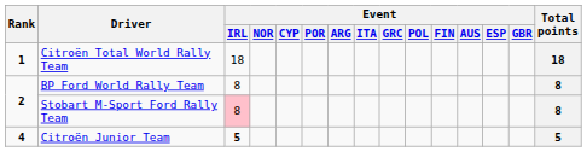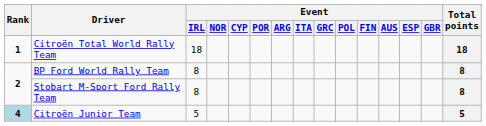 <table class="wikitable" style="text-align:center; font-size:90%;">
 <tr>
 <th rowspan=2>Rank</th>
 <th rowspan=2 style="width:16em">Driver</th>
 <th colspan=12>Event</th>
 <th rowspan=2>Total<br>points</th>
 </tr>
 <tr valign="top">
 <th><a href='#'>IRL</a><br></th>
 <th><a href='#'>NOR</a><br></th>
 <th><a href='#'>CYP</a><br></th>
 <th><a href='#'>POR</a><br></th>
 <th><a href='#'>ARG</a><br></th>
 <th><a href='#'>ITA</a><br></th>
 <th><a href='#'>GRC</a><br></th>
 <th><a href='#'>POL</a><br></th>
 <th><a href='#'>FIN</a><br></th>
 <th><a href='#'>AUS</a><br></th>
 <th><a href='#'>ESP</a><br></th>
 <th><a href='#'>GBR</a><br></th>
 </tr>
 <tr>
 <td><strong>1</strong></td>
 <td align="left"> <a href='#'>Citroën Total World Rally Team</a></td>
 <td>18</td>
 <td></td>
 <td></td>
 <td></td>
 <td></td>
 <td></td>
 <td></td>
 <td></td>
 <td></td>
 <td></td>
 <td></td>
 <td></td>
 <th>18</th>
 </tr>
 <tr>
 <td rowspan="2"><strong>2</strong></td>
 <td align="left"> <a href='#'>BP Ford World Rally Team</a></td>
 <td>8</td>
 <td></td>
 <td></td>
 <td></td>
 <td></td>
 <td></td>
 <td></td>
 <td></td>
 <td></td>
 <td></td>
 <td></td>
 <td></td>
 <th>8</th>
 </tr>
 <tr>
 <td align="left"> <a href='#'>Stobart M-Sport Ford Rally Team</a></td>
-<td style="background: pink;">8</td>
+<td>8</td>
 <td></td>
 <td></td>
 <td></td>
 <td></td>
 <td></td>
 <td></td>
 <td></td>
 <td></td>
 <td></td>
 <td></td>
 <td></td>
 <th>8</th>
 </tr>
 <tr>
-<td><strong>4</strong></td>
+<td style="background: lightblue;"><strong>4</strong></td>
 <td align="left"> <a href='#'>Citroën Junior Team</a></td>
-<td><strong>5</strong></td>
+<td>5</td>
 <td></td>
 <td></td>
 <td></td>
 <td></td>
 <td></td>
 <td></td>
 <td></td>
 <td></td>
 <td></td>
 <td></td>
 <td></td>
 <th>5</th>
 </tr>
 </table>
